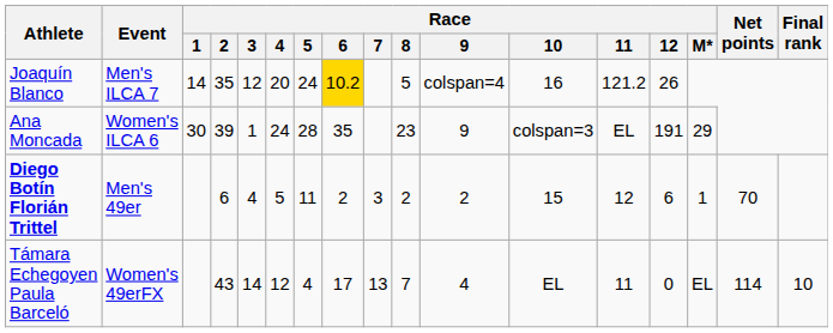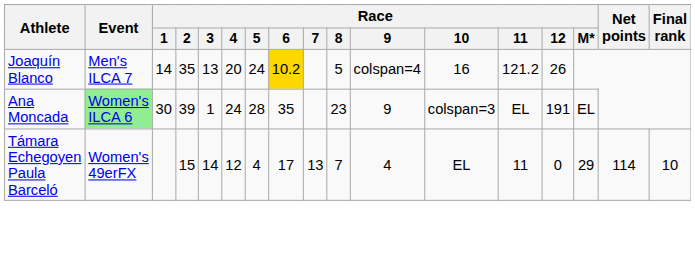 <table class="wikitable" style="font-size:90%">
 <tr>
 <th rowspan="2">Athlete</th>
 <th rowspan="2">Event</th>
 <th colspan=13>Race</th>
 <th rowspan=2>Net points</th>
 <th rowspan=2>Final rank</th>
 </tr>
 <tr style="font-size:95%">
 <th>1</th>
 <th>2</th>
 <th>3</th>
 <th>4</th>
 <th>5</th>
 <th>6</th>
 <th>7</th>
 <th>8</th>
 <th>9</th>
 <th>10</th>
 <th>11</th>
 <th>12</th>
 <th>M*</th>
 </tr>
 <tr align=center>
 <td align=left><a href='#'>Joaquín Blanco</a></td>
 <td align=left><a href='#'>Men's ILCA 7</a></td>
 <td>14</td>
 <td>35</td>
-<td>12</td>
+<td>13</td>
 <td>20</td>
 <td>24</td>
 <td style="background: gold;">10.2</td>
 <td></td>
 <td>5</td>
 <td>colspan=4 </td>
 <td>16</td>
 <td>121.2</td>
 <td>26</td>
 </tr>
 <tr align=center>
 <td align=left><a href='#'>Ana Moncada</a></td>
-<td align=left><a href='#'>Women's ILCA 6</a></td>
+<td align=left style="background: lightgreen;"><a href='#'>Women's ILCA 6</a></td>
 <td>30</td>
 <td>39</td>
 <td>1</td>
 <td>24</td>
 <td>28</td>
 <td>35</td>
 <td></td>
 <td>23</td>
 <td>9</td>
 <td>colspan=3 </td>
 <td>EL</td>
 <td>191</td>
-<td>29</td>
-</tr>
-<tr align=center>
-<td align=left><strong><a href='#'>Diego Botín</a><br><a href='#'>Florián Trittel</a></strong></td>
-<td align=left><a href='#'>Men's 49er</a></td>
-<td></td>
-<td>6</td>
-<td>4</td>
-<td>5</td>
-<td>11</td>
-<td>2</td>
-<td>3</td>
-<td>2</td>
-<td>2</td>
-<td>15</td>
-<td>12</td>
-<td>6</td>
-<td>1</td>
-<td>70</td>
-<td></td>
+<td>EL</td>
 </tr>
 <tr align=center>
 <td align=left><a href='#'>Támara Echegoyen</a><br><a href='#'>Paula Barceló</a></td>
 <td align=left><a href='#'>Women's 49erFX</a></td>
 <td></td>
-<td>43</td>
+<td>15</td>
 <td>14</td>
 <td>12</td>
 <td>4</td>
 <td>17</td>
 <td>13</td>
 <td>7</td>
 <td>4</td>
 <td>EL</td>
 <td>11</td>
 <td>0</td>
-<td>EL</td>
+<td>29</td>
 <td>114</td>
 <td>10</td>
 </tr>
 </table>
